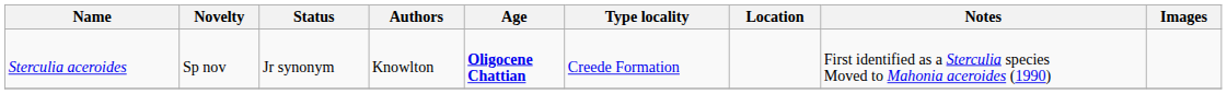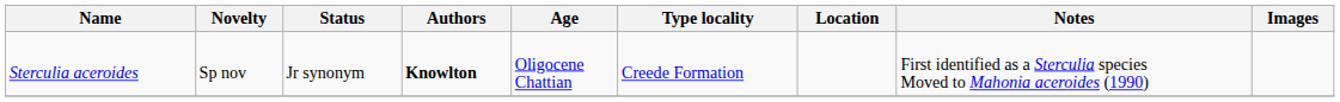 <table class="wikitable sortable" align="center" width="100%">
 <tr>
 <th>Name</th>
 <th>Novelty</th>
 <th>Status</th>
 <th>Authors</th>
 <th>Age</th>
 <th>Type locality</th>
 <th>Location</th>
 <th>Notes</th>
 <th>Images</th>
 </tr>
 <tr>
 <td><br><em><a href='#'>Sterculia aceroides</a></em></td>
 <td><br>Sp nov</td>
 <td><br>Jr synonym</td>
-<td><br>Knowlton</td>
-<td><strong><br><a href='#'>Oligocene</a><br><a href='#'>Chattian</a></strong></td>
+<td><strong><br>Knowlton</strong></td>
+<td><br><a href='#'>Oligocene</a><br><a href='#'>Chattian</a></td>
 <td><br><a href='#'>Creede Formation</a></td>
 <td><br><br></td>
 <td><br>First identified as a <em><a href='#'>Sterculia</a></em> species<br>Moved to <em><a href='#'>Mahonia aceroides</a></em> (<a href='#'>1990</a>)</td>
 <td></td>
 </tr>
 <tr>
 </tr>
 </table>
